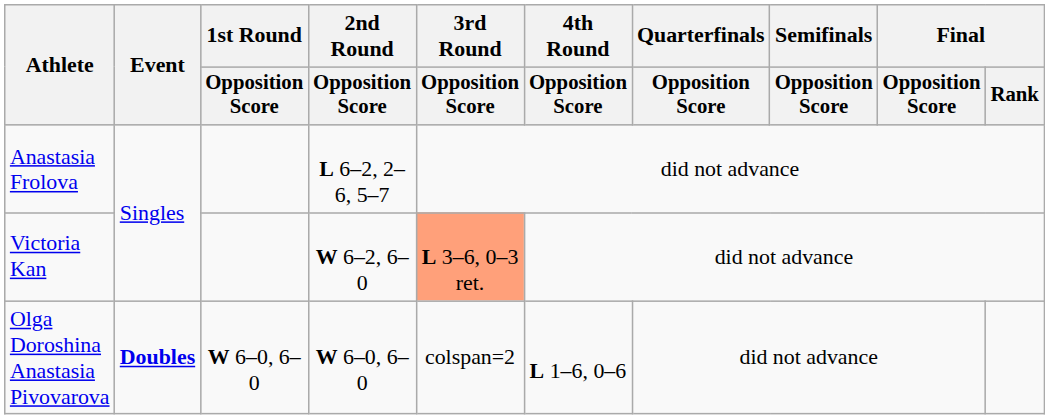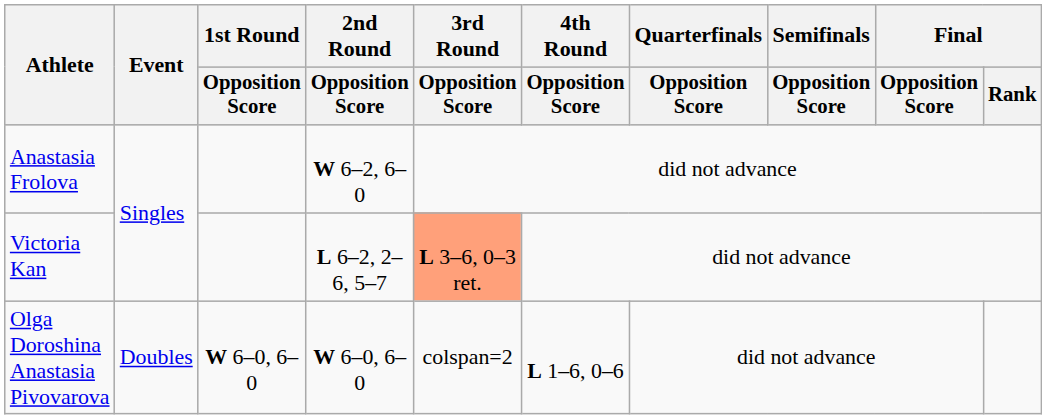 <table class="wikitable" style="text-align:center; font-size:90%">
 <tr>
 <th rowspan=2>Athlete</th>
 <th rowspan=2>Event</th>
 <th>1st Round</th>
 <th>2nd Round</th>
 <th>3rd Round</th>
 <th>4th Round</th>
 <th>Quarterfinals</th>
 <th>Semifinals</th>
 <th colspan=2>Final</th>
 </tr>
 <tr style="font-size:95%">
 <th>Opposition<br>Score</th>
 <th>Opposition<br>Score</th>
 <th>Opposition<br>Score</th>
 <th>Opposition<br>Score</th>
 <th>Opposition<br>Score</th>
 <th>Opposition<br>Score</th>
 <th>Opposition<br>Score</th>
 <th>Rank</th>
 </tr>
 <tr align=center>
 <td align=left><a href='#'>Anastasia Frolova</a></td>
 <td align=left rowspan=2><a href='#'>Singles</a></td>
 <td></td>
-<td><br><strong>L</strong> 6–2, 2–6, 5–7</td>
+<td><br><strong>W</strong> 6–2, 6–0</td>
 <td colspan=6>did not advance</td>
 </tr>
 <tr align=center>
 <td align=left><a href='#'>Victoria Kan</a></td>
 <td></td>
-<td><br><strong>W</strong> 6–2, 6–0</td>
+<td><br><strong>L</strong> 6–2, 2–6, 5–7</td>
 <td style="background: lightsalmon;"><br><strong>L</strong> 3–6, 0–3 ret.</td>
 <td colspan=5>did not advance</td>
 </tr>
 <tr align=center>
 <td align=left><a href='#'>Olga Doroshina</a><br><a href='#'>Anastasia Pivovarova</a></td>
-<td align=left><strong><a href='#'>Doubles</a></strong></td>
+<td align=left><a href='#'>Doubles</a></td>
 <td><br><strong>W</strong> 6–0, 6–0</td>
 <td><br><strong>W</strong> 6–0, 6–0</td>
 <td>colspan=2 </td>
 <td><br><strong>L</strong> 1–6, 0–6</td>
 <td colspan=3>did not advance</td>
 </tr>
 </table>
